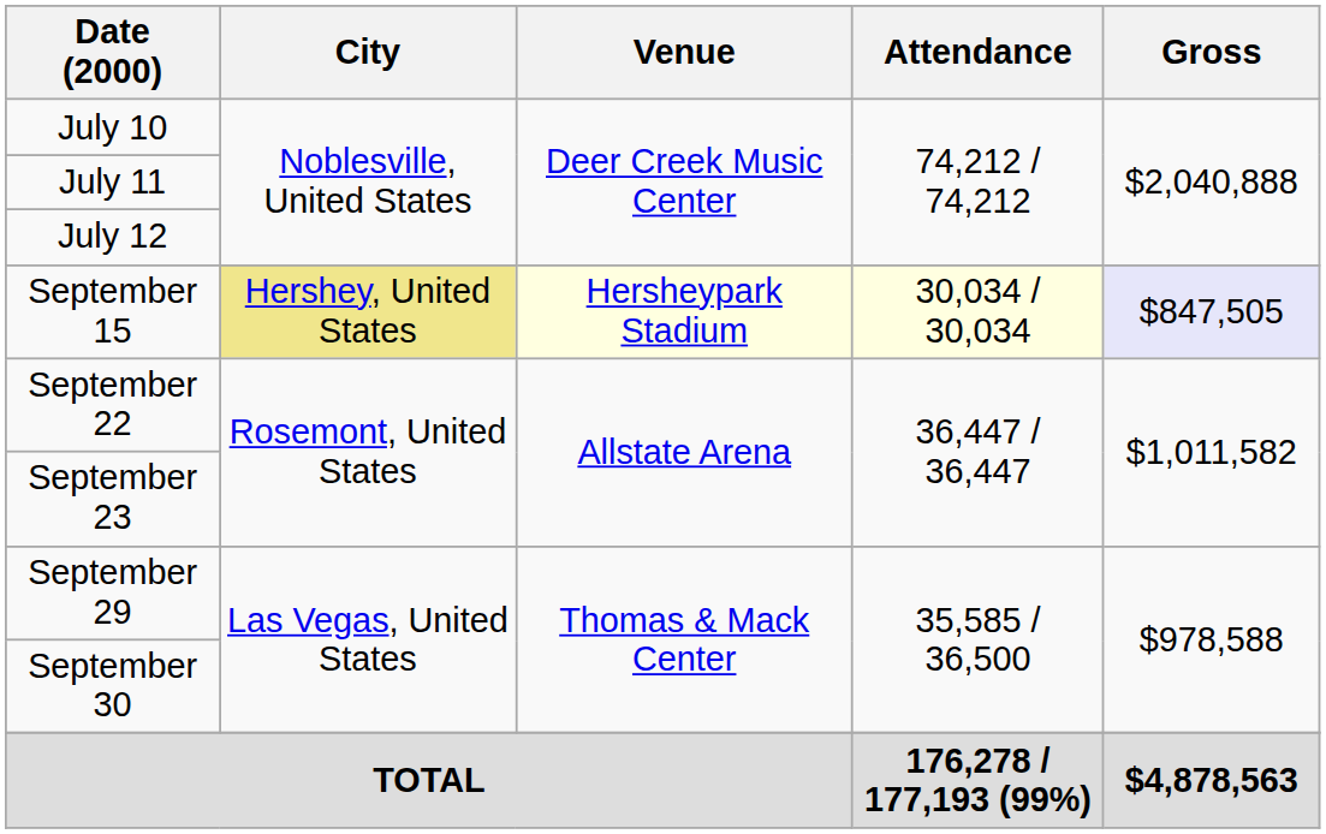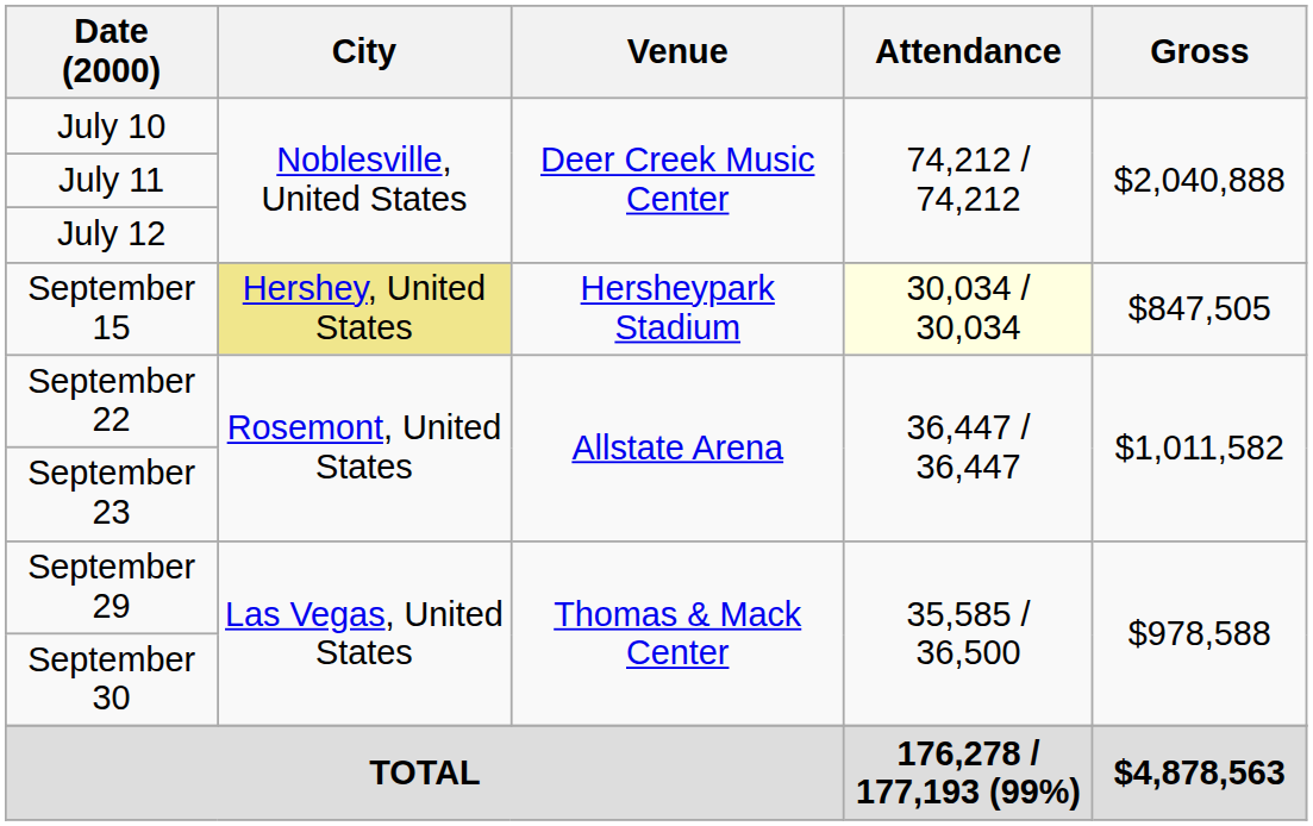 <table class="wikitable plainrowheaders" style="text-align:center;">
 <tr>
 <th scope="col" style="width:7em;">Date<br>(2000)</th>
 <th scope="col" style="width:13em;">City</th>
 <th scope="col" style="width:15em;">Venue</th>
 <th scope="col" style="width:9em;">Attendance</th>
 <th scope="col" style="width:7em;">Gross</th>
 </tr>
 <tr>
 <td>July 10</td>
 <td rowspan="3"><a href='#'>Noblesville</a>, United States</td>
 <td rowspan="3"><a href='#'>Deer Creek Music Center</a></td>
 <td rowspan="3">74,212 / 74,212</td>
 <td rowspan="3">$2,040,888</td>
 </tr>
 <tr>
 <td>July 11</td>
 </tr>
 <tr>
 <td>July 12</td>
 </tr>
 <tr>
 <td>September 15</td>
 <td style="background: khaki;"><a href='#'>Hershey</a>, United States</td>
-<td style="background: lightyellow;"><a href='#'>Hersheypark Stadium</a></td>
+<td><a href='#'>Hersheypark Stadium</a></td>
 <td style="background: lightyellow;">30,034 / 30,034</td>
-<td style="background: lavender;">$847,505</td>
+<td>$847,505</td>
 </tr>
 <tr>
 <td>September 22</td>
 <td rowspan="2"><a href='#'>Rosemont</a>, United States</td>
 <td rowspan="2"><a href='#'>Allstate Arena</a></td>
 <td rowspan="2">36,447 / 36,447</td>
 <td rowspan="2">$1,011,582</td>
 </tr>
 <tr>
 <td>September 23</td>
 </tr>
 <tr>
 <td>September 29</td>
 <td rowspan="2"><a href='#'>Las Vegas</a>, United States</td>
 <td rowspan="2"><a href='#'>Thomas & Mack Center</a></td>
 <td rowspan="2">35,585 / 36,500</td>
 <td rowspan="2">$978,588</td>
 </tr>
 <tr>
 <td>September 30</td>
 </tr>
 <tr>
 </tr>
 <tr style="background:#ddd;">
 <td colspan="3"><strong>TOTAL</strong></td>
 <td><strong>176,278 / 177,193 (99%)</strong></td>
 <td><strong>$4,878,563</strong></td>
 </tr>
 </table>
